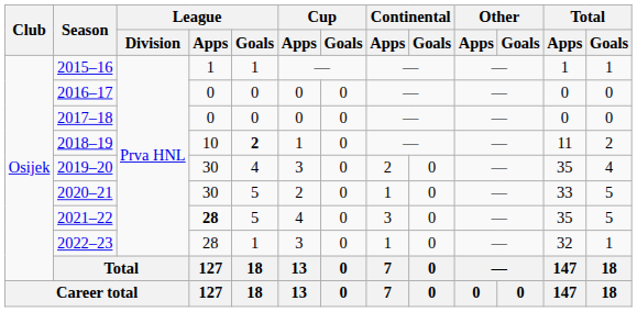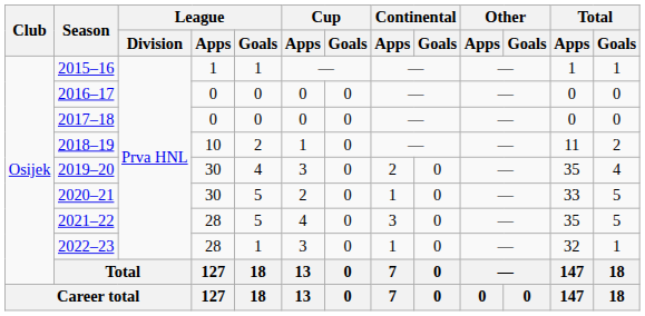 <table class="wikitable" style="text-align:center">
 <tr>
 <th rowspan="2">Club</th>
 <th rowspan="2">Season</th>
 <th colspan="3">League</th>
 <th colspan="2">Cup</th>
 <th colspan="2">Continental</th>
 <th colspan="2">Other</th>
 <th colspan="2">Total</th>
 </tr>
 <tr>
 <th>Division</th>
 <th>Apps</th>
 <th>Goals</th>
 <th>Apps</th>
 <th>Goals</th>
 <th>Apps</th>
 <th>Goals</th>
 <th>Apps</th>
 <th>Goals</th>
 <th>Apps</th>
 <th>Goals</th>
 </tr>
 <tr>
 <td rowspan="9"><a href='#'>Osijek</a></td>
 <td><a href='#'>2015–16</a></td>
 <td rowspan="8"><a href='#'>Prva HNL</a></td>
 <td>1</td>
 <td>1</td>
 <td colspan="2">—</td>
 <td colspan="2">—</td>
 <td colspan="2">—</td>
 <td>1</td>
 <td>1</td>
 </tr>
 <tr>
 <td><a href='#'>2016–17</a></td>
 <td>0</td>
 <td>0</td>
 <td>0</td>
 <td>0</td>
 <td colspan="2">—</td>
 <td colspan="2">—</td>
 <td>0</td>
 <td>0</td>
 </tr>
 <tr>
 <td><a href='#'>2017–18</a></td>
 <td>0</td>
 <td>0</td>
 <td>0</td>
 <td>0</td>
 <td colspan="2">—</td>
 <td colspan="2">—</td>
 <td>0</td>
 <td>0</td>
 </tr>
 <tr>
 <td><a href='#'>2018–19</a></td>
 <td>10</td>
-<td><strong>2</strong></td>
+<td>2</td>
 <td>1</td>
 <td>0</td>
 <td colspan="2">—</td>
 <td colspan="2">—</td>
 <td>11</td>
 <td>2</td>
 </tr>
 <tr>
 <td><a href='#'>2019–20</a></td>
 <td>30</td>
 <td>4</td>
 <td>3</td>
 <td>0</td>
 <td>2</td>
 <td>0</td>
 <td colspan="2">—</td>
 <td>35</td>
 <td>4</td>
 </tr>
 <tr>
 <td><a href='#'>2020–21</a></td>
 <td>30</td>
 <td>5</td>
 <td>2</td>
 <td>0</td>
 <td>1</td>
 <td>0</td>
 <td colspan="2">—</td>
 <td>33</td>
 <td>5</td>
 </tr>
 <tr>
 <td><a href='#'>2021–22</a></td>
-<td><strong>28</strong></td>
+<td>28</td>
 <td>5</td>
 <td>4</td>
 <td>0</td>
 <td>3</td>
 <td>0</td>
 <td colspan="2">—</td>
 <td>35</td>
 <td>5</td>
 </tr>
 <tr>
 <td><a href='#'>2022–23</a></td>
 <td>28</td>
 <td>1</td>
 <td>3</td>
 <td>0</td>
 <td>1</td>
 <td>0</td>
 <td colspan="2">—</td>
 <td>32</td>
 <td>1</td>
 </tr>
 <tr>
 <th colspan="2">Total</th>
 <th>127</th>
 <th>18</th>
 <th>13</th>
 <th>0</th>
 <th>7</th>
 <th>0</th>
 <th colspan="2">—</th>
 <th>147</th>
 <th>18</th>
 </tr>
 <tr>
 <th colspan="3">Career total</th>
 <th>127</th>
 <th>18</th>
 <th>13</th>
 <th>0</th>
 <th>7</th>
 <th>0</th>
 <th>0</th>
 <th>0</th>
 <th>147</th>
 <th>18</th>
 </tr>
 </table>
